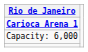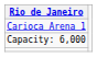 <table class="wikitable" style="text-align:center">
 <tr>
 <th><a href='#'>Rio de Janeiro</a></th>
 <td rowspan=4></td>
 </tr>
 <tr>
-<td><strong><a href='#'>Carioca Arena 1</a></strong></td>
+<td><a href='#'>Carioca Arena 1</a></td>
 </tr>
 <tr>
 <td>Capacity: 6,000</td>
 </tr>
 <tr>
 <td></td>
 </tr>
 </table>
